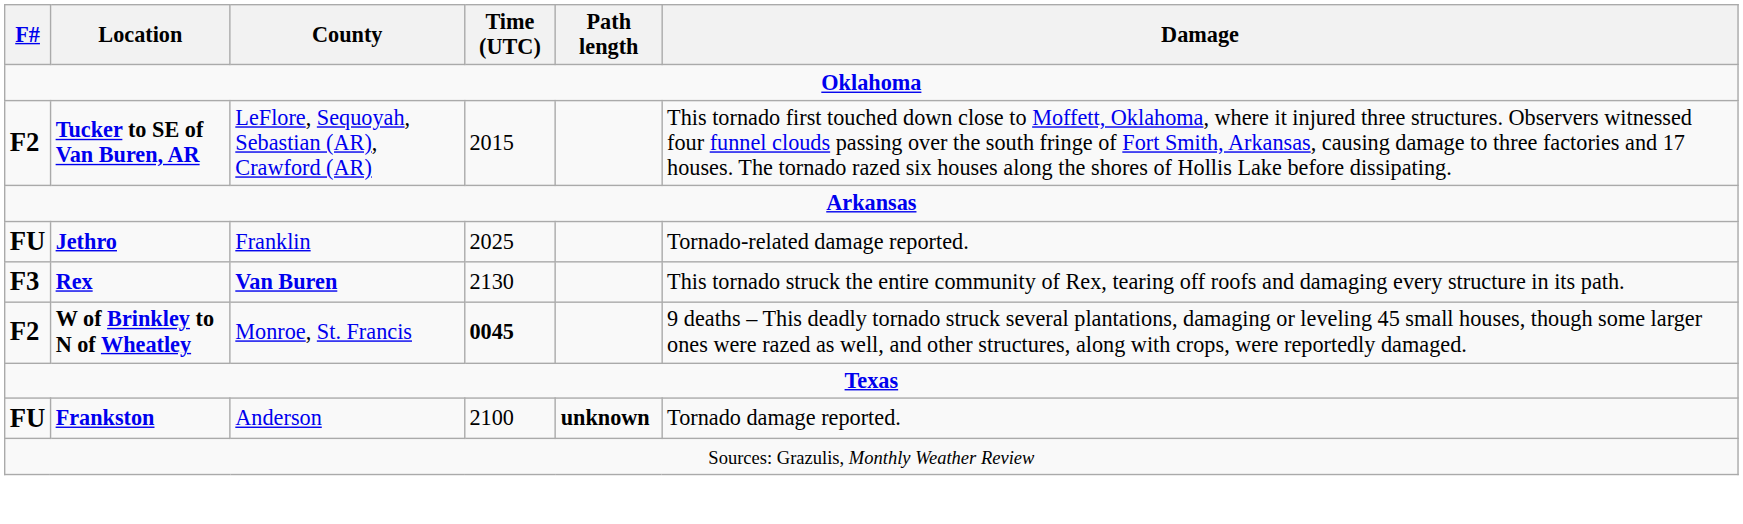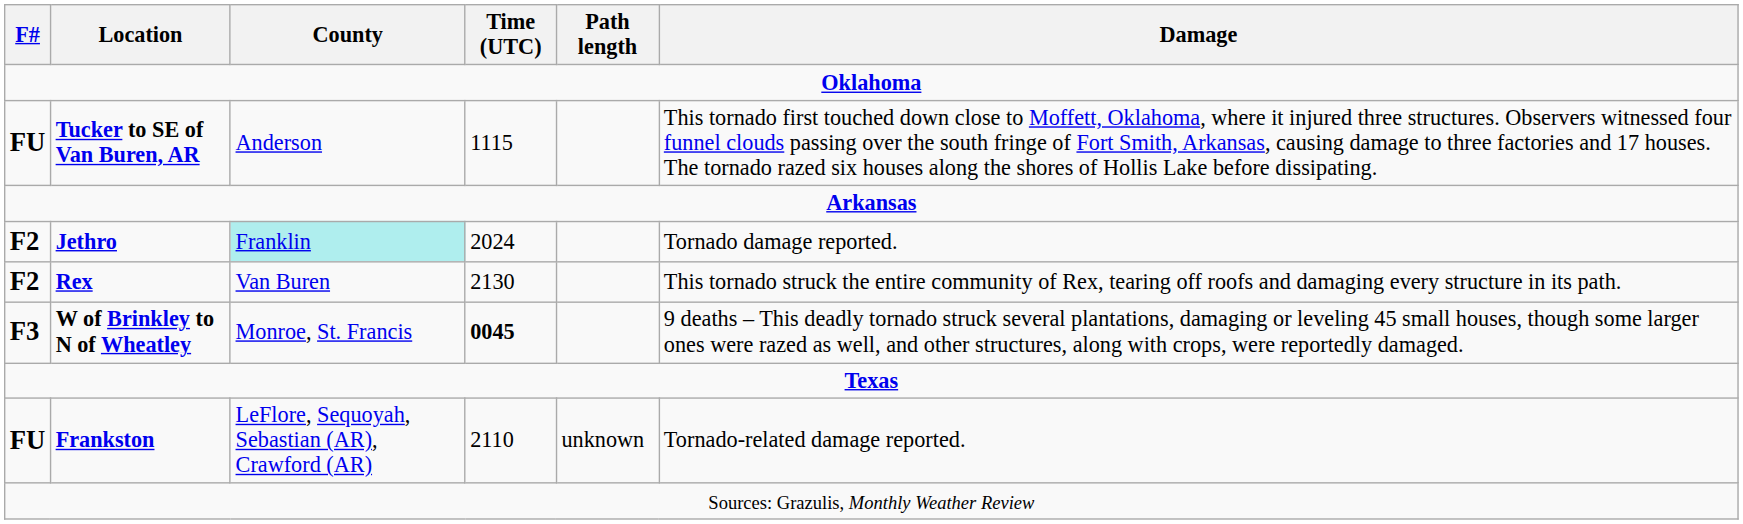 <table class="wikitable">
 <tr>
 <th><strong><a href='#'>F#</a></strong></th>
 <th><strong>Location</strong></th>
 <th><strong>County</strong></th>
 <th><strong>Time (UTC)</strong></th>
 <th><strong>Path length</strong></th>
 <th><strong>Damage</strong></th>
 </tr>
 <tr>
 <td colspan="7" align=center><strong><a href='#'>Oklahoma</a></strong></td>
 </tr>
 <tr>
-<td><big><strong>F2</strong></big></td>
+<td bgcolor=><big><strong>FU</strong></big></td>
 <td><strong><a href='#'>Tucker</a> to SE of <a href='#'>Van Buren, AR</a></strong></td>
-<td><a href='#'>LeFlore</a>, <a href='#'>Sequoyah</a>, <a href='#'>Sebastian (AR)</a>, <a href='#'>Crawford (AR)</a></td>
-<td>2015</td>
+<td><a href='#'>Anderson</a></td>
+<td>1115</td>
 <td></td>
 <td>This tornado first touched down close to <a href='#'>Moffett, Oklahoma</a>, where it injured three structures. Observers witnessed four <a href='#'>funnel clouds</a> passing over the south fringe of <a href='#'>Fort Smith, Arkansas</a>, causing damage to three factories and 17 houses. The tornado razed six houses along the shores of Hollis Lake before dissipating.</td>
 </tr>
 <tr>
 <td colspan="7" style="text-align:center;"><strong><a href='#'>Arkansas</a></strong></td>
 </tr>
 <tr>
-<td bgcolor=><big><strong>FU</strong></big></td>
+<td><big><strong>F2</strong></big></td>
 <td><strong><a href='#'>Jethro</a></strong></td>
-<td><a href='#'>Franklin</a></td>
-<td>2025</td>
+<td style="background: paleturquoise;"><a href='#'>Franklin</a></td>
+<td>2024</td>
 <td></td>
-<td>Tornado-related damage reported.</td>
+<td>Tornado damage reported.</td>
 </tr>
 <tr>
-<td><big><strong>F3</strong></big></td>
+<td><big><strong>F2</strong></big></td>
 <td><strong><a href='#'>Rex</a></strong></td>
-<td><strong><a href='#'>Van Buren</a></strong></td>
+<td><a href='#'>Van Buren</a></td>
 <td>2130</td>
 <td></td>
 <td>This tornado struck the entire community of Rex, tearing off roofs and damaging every structure in its path.</td>
 </tr>
 <tr>
-<td><big><strong>F2</strong></big></td>
+<td><big><strong>F3</strong></big></td>
 <td><strong>W of <a href='#'>Brinkley</a> to N of <a href='#'>Wheatley</a></strong></td>
 <td><a href='#'>Monroe</a>, <a href='#'>St. Francis</a></td>
 <td><strong>0045</strong></td>
 <td></td>
 <td>9 deaths – This deadly tornado struck several plantations, damaging or leveling 45 small houses, though some larger ones were razed as well, and other structures, along with crops, were reportedly damaged.</td>
 </tr>
 <tr>
 <td colspan="7" style="text-align:center;"><strong><a href='#'>Texas</a></strong></td>
 </tr>
 <tr>
 <td bgcolor=><big><strong>FU</strong></big></td>
 <td><strong><a href='#'>Frankston</a></strong></td>
-<td><a href='#'>Anderson</a></td>
-<td>2100</td>
-<td><strong>unknown</strong></td>
-<td>Tornado damage reported.</td>
+<td><a href='#'>LeFlore</a>, <a href='#'>Sequoyah</a>, <a href='#'>Sebastian (AR)</a>, <a href='#'>Crawford (AR)</a></td>
+<td>2110</td>
+<td>unknown</td>
+<td>Tornado-related damage reported.</td>
 </tr>
 <tr>
 <td colspan="7" style="text-align:center;"><small>Sources: Grazulis, <em>Monthly Weather Review</em></small></td>
 </tr>
 </table>
